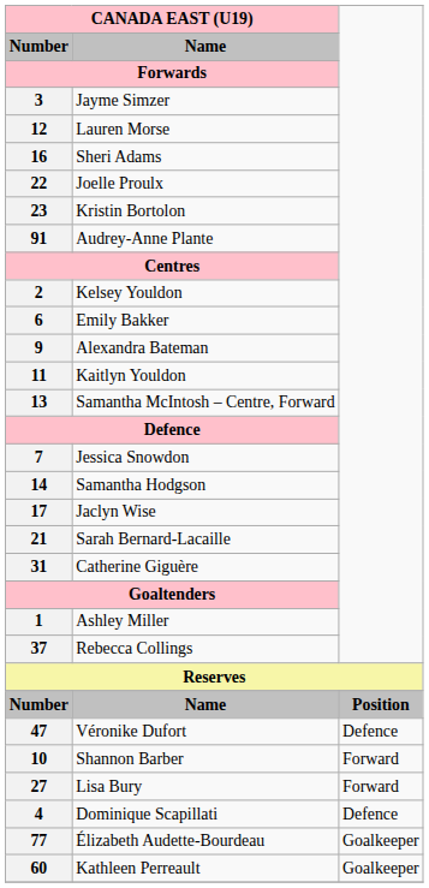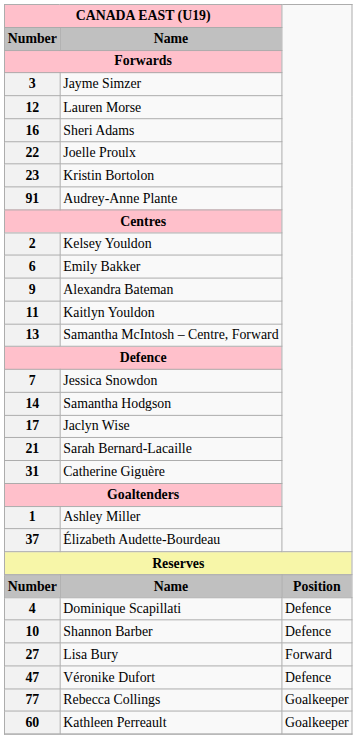 <table class="wikitable" style="text-align:left; font-size:90%;">
 <tr>
 <th style=background:pink colspan=2>CANADA EAST (U19)</th>
 </tr>
 <tr>
 <th width=10 style="background:silver;">Number</th>
 <th style="background:silver;">Name</th>
 </tr>
 <tr>
 <th style=background:pink colspan=2>Forwards</th>
 </tr>
 <tr>
 <th>3</th>
 <td>Jayme Simzer</td>
 </tr>
 <tr>
 <th>12</th>
 <td>Lauren Morse</td>
 </tr>
 <tr>
 <th>16</th>
 <td>Sheri Adams</td>
 </tr>
 <tr>
 <th>22</th>
 <td>Joelle Proulx</td>
 </tr>
 <tr>
 <th>23</th>
 <td>Kristin Bortolon</td>
 </tr>
 <tr>
 <th>91</th>
 <td>Audrey-Anne Plante</td>
 </tr>
 <tr>
 <th style=background:pink colspan=2>Centres</th>
 </tr>
 <tr>
 <th>2</th>
 <td>Kelsey Youldon</td>
 </tr>
 <tr>
 <th>6</th>
 <td>Emily Bakker</td>
 </tr>
 <tr>
 <th>9</th>
 <td>Alexandra Bateman</td>
 </tr>
 <tr>
 <th>11</th>
 <td>Kaitlyn Youldon</td>
 </tr>
 <tr>
 <th>13</th>
 <td>Samantha McIntosh – Centre, Forward</td>
 </tr>
 <tr>
 <th style=background:pink colspan=2>Defence</th>
 </tr>
 <tr>
 <th>7</th>
 <td>Jessica Snowdon</td>
 </tr>
 <tr>
 <th>14</th>
 <td>Samantha Hodgson</td>
 </tr>
 <tr>
 <th>17</th>
 <td>Jaclyn Wise</td>
 </tr>
 <tr>
 <th>21</th>
 <td>Sarah Bernard-Lacaille</td>
 </tr>
 <tr>
 <th>31</th>
 <td>Catherine Giguère</td>
 </tr>
 <tr>
 <th style=background:pink colspan=2>Goaltenders</th>
 </tr>
 <tr>
 <th>1</th>
 <td>Ashley Miller</td>
 </tr>
 <tr>
 <th>37</th>
-<td>Rebecca Collings</td>
+<td>Élizabeth Audette-Bourdeau</td>
 </tr>
 <tr>
 <th style=background:#f7f6a8 colspan=3>Reserves</th>
 </tr>
 <tr>
 <th width=10 style="background:silver;">Number</th>
 <th style="background:silver;">Name</th>
 <th style="background:silver;">Position</th>
 </tr>
 <tr>
-<th>47</th>
-<td>Véronike Dufort</td>
+<th>4</th>
+<td>Dominique Scapillati</td>
 <td>Defence</td>
 </tr>
 <tr>
 <th>10</th>
 <td>Shannon Barber</td>
-<td>Forward</td>
+<td>Defence</td>
 </tr>
 <tr>
 <th>27</th>
 <td>Lisa Bury</td>
 <td>Forward</td>
 </tr>
 <tr>
-<th>4</th>
-<td>Dominique Scapillati</td>
+<th>47</th>
+<td>Véronike Dufort</td>
 <td>Defence</td>
 </tr>
 <tr>
 <th>77</th>
-<td>Élizabeth Audette-Bourdeau</td>
+<td>Rebecca Collings</td>
 <td>Goalkeeper</td>
 </tr>
 <tr>
 <th>60</th>
 <td>Kathleen Perreault</td>
 <td>Goalkeeper</td>
 </tr>
 <tr>
 </tr>
 </table>
